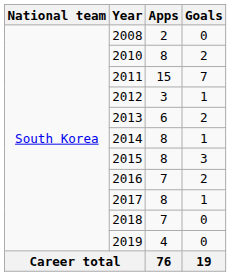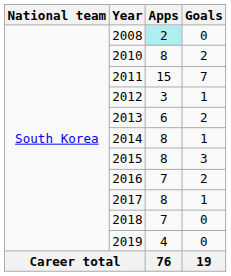 <table class="wikitable" style="text-align:center">
 <tr>
 <th>National team</th>
 <th>Year</th>
 <th>Apps</th>
 <th>Goals</th>
 </tr>
 <tr>
 <td rowspan="11"><a href='#'>South Korea</a></td>
 <td>2008</td>
-<td>2</td>
+<td style="background: paleturquoise;">2</td>
 <td>0</td>
 </tr>
 <tr>
 <td>2010</td>
 <td>8</td>
 <td>2</td>
 </tr>
 <tr>
 <td>2011</td>
 <td>15</td>
 <td>7</td>
 </tr>
 <tr>
 <td>2012</td>
 <td>3</td>
 <td>1</td>
 </tr>
 <tr>
 <td>2013</td>
 <td>6</td>
 <td>2</td>
 </tr>
 <tr>
 <td>2014</td>
 <td>8</td>
 <td>1</td>
 </tr>
 <tr>
 <td>2015</td>
 <td>8</td>
 <td>3</td>
 </tr>
 <tr>
 <td>2016</td>
 <td>7</td>
 <td>2</td>
 </tr>
 <tr>
 <td>2017</td>
 <td>8</td>
 <td>1</td>
 </tr>
 <tr>
 <td>2018</td>
 <td>7</td>
 <td>0</td>
 </tr>
 <tr>
 <td>2019</td>
 <td>4</td>
 <td>0</td>
 </tr>
 <tr>
 <th colspan="2">Career total</th>
 <th>76</th>
 <th>19</th>
 </tr>
 </table>
